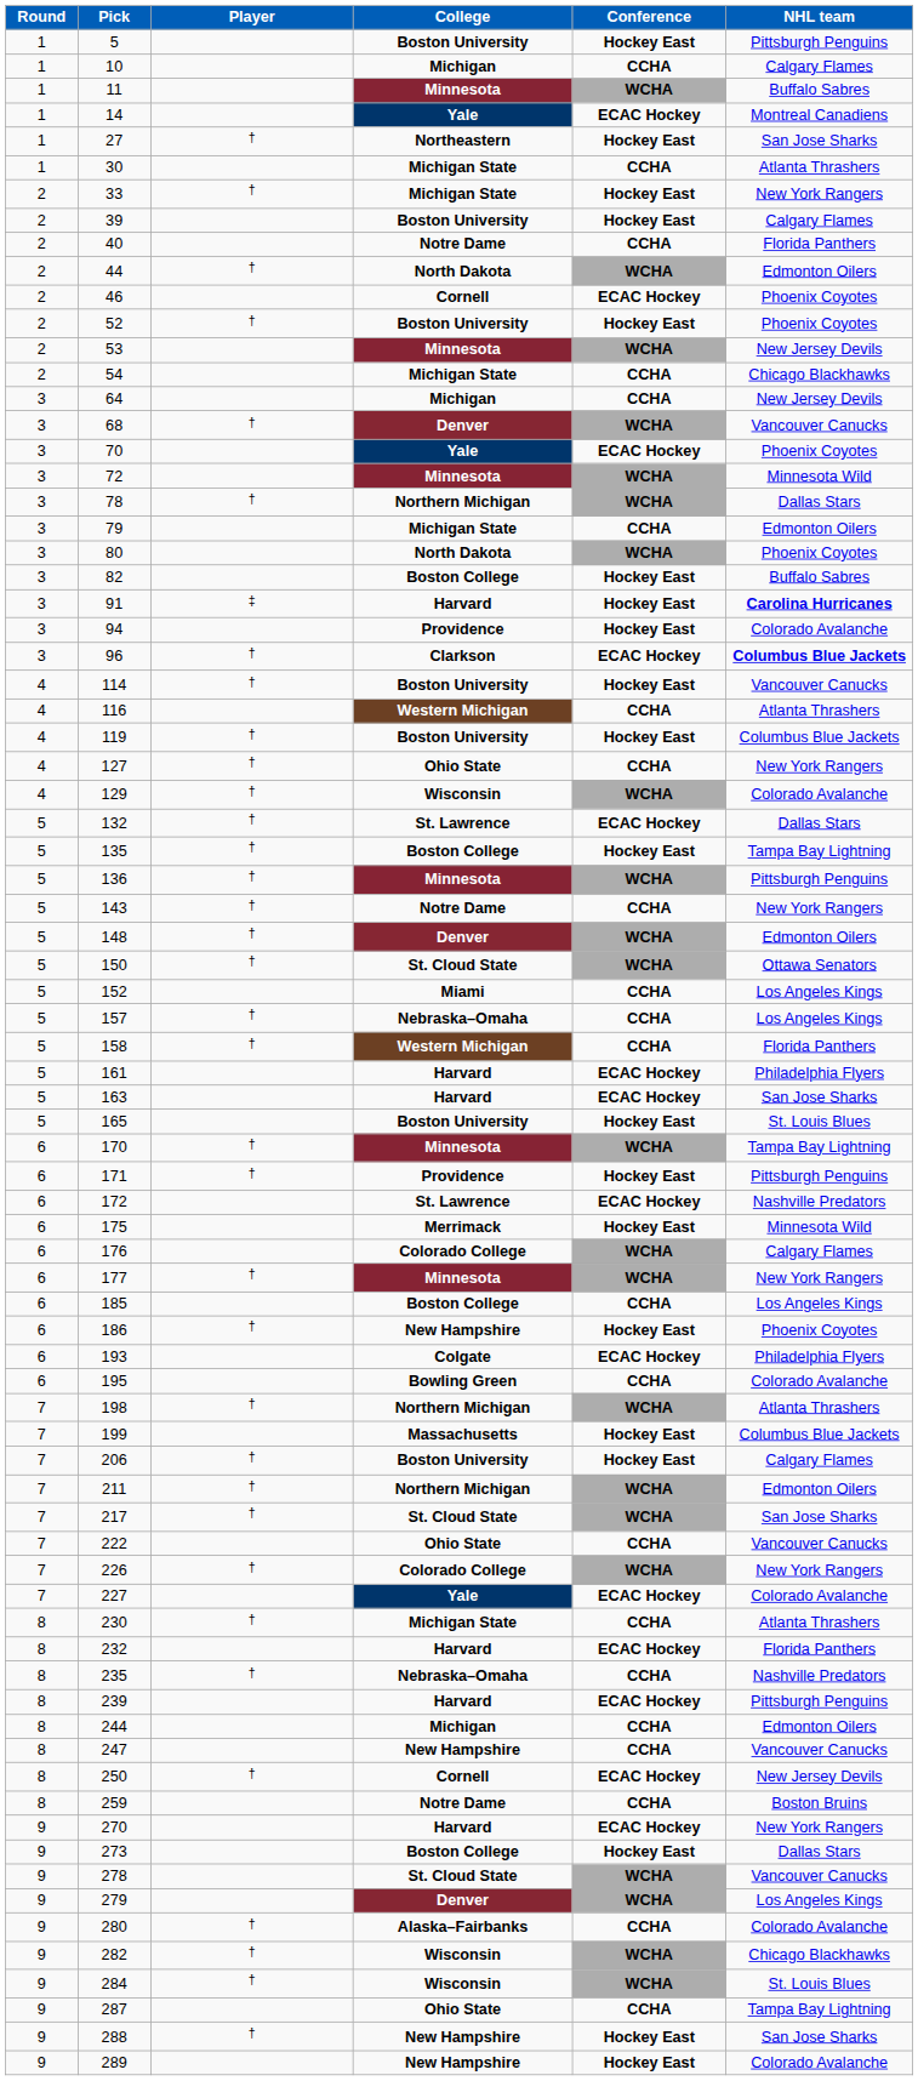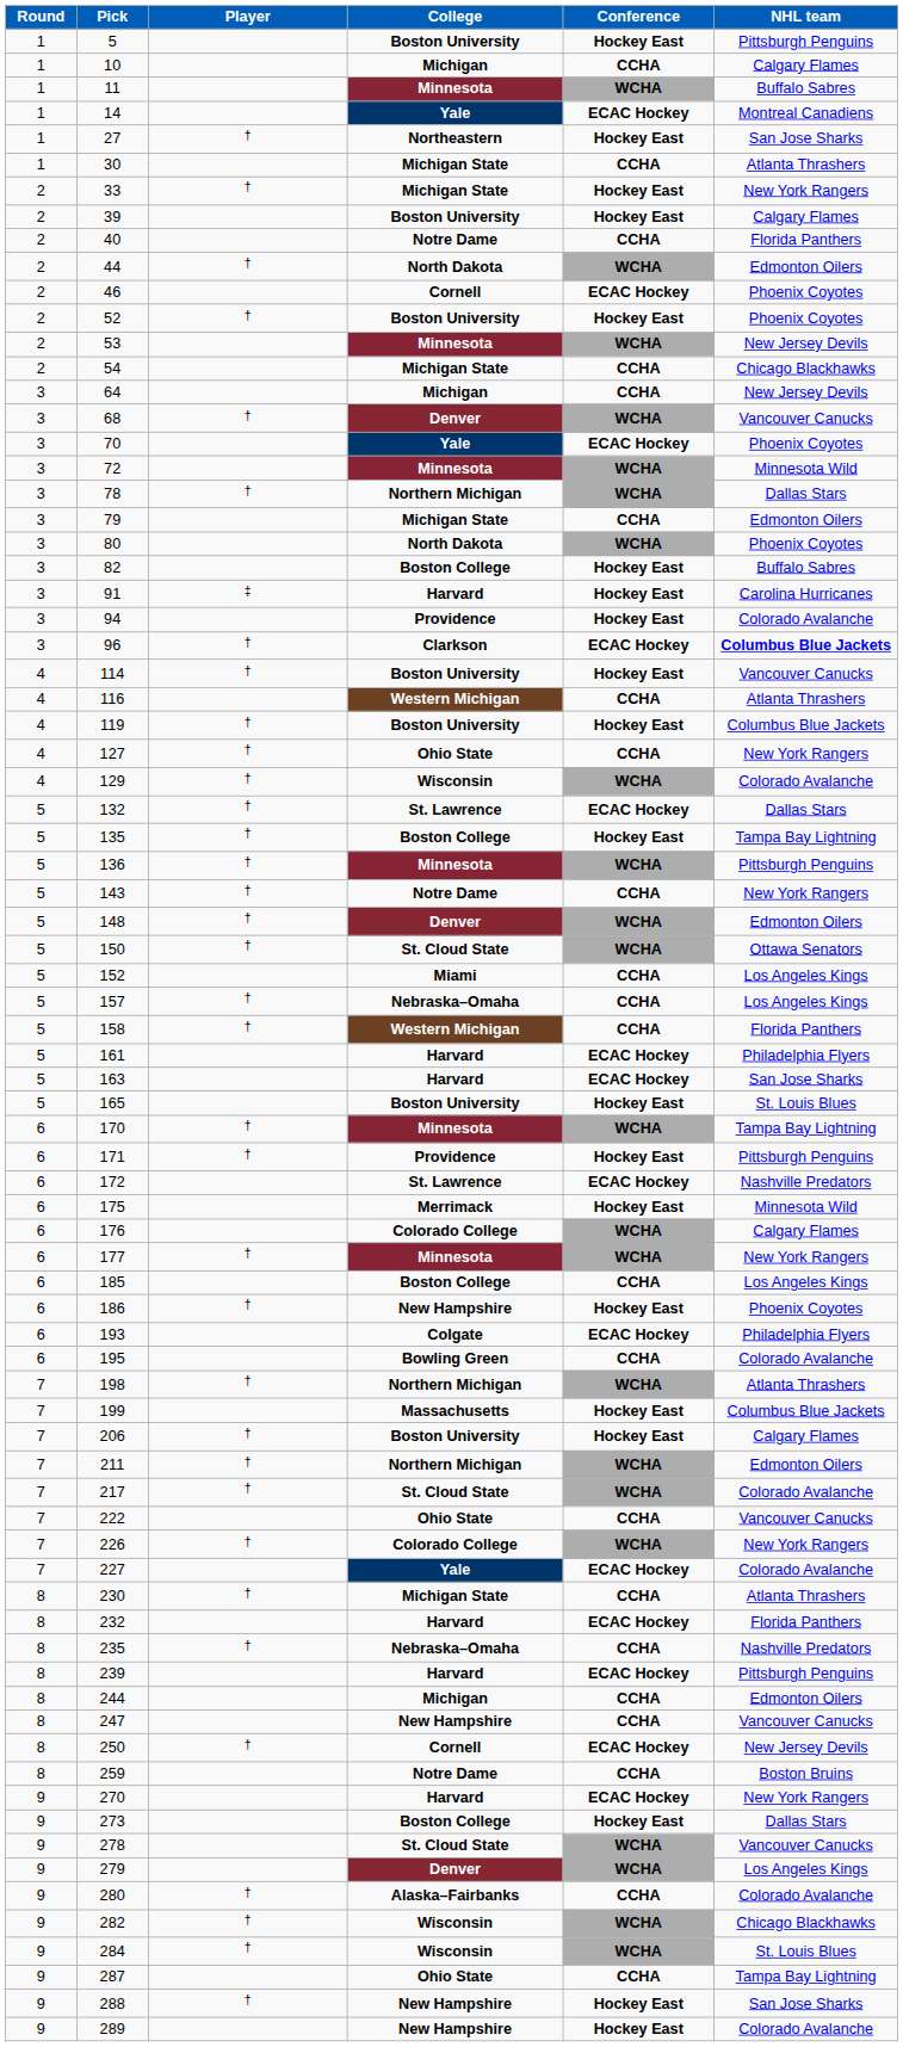 <table class="wikitable sortable" width="75%">
 <tr>
 <th style="color:white; background-color:#005EB8; width: 4em;">Round</th>
 <th style="color:white; background-color:#005EB8; width: 4em;">Pick</th>
 <th style="color:white; background-color:#005EB8; width: 12em;">Player</th>
 <th style="color:white; background-color:#005EB8; width: 13em;">College</th>
 <th style="color:white; background-color:#005EB8; width: 9em;">Conference</th>
 <th style="color:white; background-color:#005EB8; width: 11em;">NHL team</th>
 </tr>
 <tr align="center" bgcolor="">
 <td>1</td>
 <td>5</td>
 <td></td>
 <td><strong>Boston University</strong></td>
 <td><strong>Hockey East</strong></td>
 <td><a href='#'>Pittsburgh Penguins</a></td>
 </tr>
 <tr align="center" bgcolor="">
 <td>1</td>
 <td>10</td>
 <td></td>
 <td><strong>Michigan</strong></td>
 <td><strong>CCHA</strong></td>
 <td><a href='#'>Calgary Flames</a></td>
 </tr>
 <tr align="center" bgcolor="">
 <td>1</td>
 <td>11</td>
 <td></td>
 <td style="color:white; background:#862334; "><strong>Minnesota</strong></td>
 <td style="color:black; background:#ADADAD; "><strong>WCHA</strong></td>
 <td><a href='#'>Buffalo Sabres</a></td>
 </tr>
 <tr align="center" bgcolor="">
 <td>1</td>
 <td>14</td>
 <td></td>
 <td style="color:white; background:#00356B"><strong>Yale</strong></td>
 <td><strong>ECAC Hockey</strong></td>
 <td><a href='#'>Montreal Canadiens</a></td>
 </tr>
 <tr align="center" bgcolor="">
 <td>1</td>
 <td>27</td>
 <td> <sup>†</sup></td>
 <td><strong>Northeastern</strong></td>
 <td><strong>Hockey East</strong></td>
 <td><a href='#'>San Jose Sharks</a></td>
 </tr>
 <tr align="center" bgcolor="">
 <td>1</td>
 <td>30</td>
 <td></td>
 <td><strong>Michigan State</strong></td>
 <td><strong>CCHA</strong></td>
 <td><a href='#'>Atlanta Thrashers</a></td>
 </tr>
 <tr align="center" bgcolor="">
 <td>2</td>
 <td>33</td>
 <td> <sup>†</sup></td>
 <td><strong>Michigan State</strong></td>
 <td><strong>Hockey East</strong></td>
 <td><a href='#'>New York Rangers</a></td>
 </tr>
 <tr align="center" bgcolor="">
 <td>2</td>
 <td>39</td>
 <td></td>
 <td><strong>Boston University</strong></td>
 <td><strong>Hockey East</strong></td>
 <td><a href='#'>Calgary Flames</a></td>
 </tr>
 <tr align="center" bgcolor="">
 <td>2</td>
 <td>40</td>
 <td></td>
 <td><strong>Notre Dame</strong></td>
 <td><strong>CCHA</strong></td>
 <td><a href='#'>Florida Panthers</a></td>
 </tr>
 <tr align="center" bgcolor="">
 <td>2</td>
 <td>44</td>
 <td> <sup>†</sup></td>
 <td><strong>North Dakota</strong></td>
 <td style="color:black; background:#ADADAD; "><strong>WCHA</strong></td>
 <td><a href='#'>Edmonton Oilers</a></td>
 </tr>
 <tr align="center" bgcolor="">
 <td>2</td>
 <td>46</td>
 <td></td>
 <td><strong>Cornell</strong></td>
 <td><strong>ECAC Hockey</strong></td>
 <td><a href='#'>Phoenix Coyotes</a></td>
 </tr>
 <tr align="center" bgcolor="">
 <td>2</td>
 <td>52</td>
 <td> <sup>†</sup></td>
 <td><strong>Boston University</strong></td>
 <td><strong>Hockey East</strong></td>
 <td><a href='#'>Phoenix Coyotes</a></td>
 </tr>
 <tr align="center" bgcolor="">
 <td>2</td>
 <td>53</td>
 <td></td>
 <td style="color:white; background:#862334; "><strong>Minnesota</strong></td>
 <td style="color:black; background:#ADADAD; "><strong>WCHA</strong></td>
 <td><a href='#'>New Jersey Devils</a></td>
 </tr>
 <tr align="center" bgcolor="">
 <td>2</td>
 <td>54</td>
 <td></td>
 <td><strong>Michigan State</strong></td>
 <td><strong>CCHA</strong></td>
 <td><a href='#'>Chicago Blackhawks</a></td>
 </tr>
 <tr align="center" bgcolor="">
 <td>3</td>
 <td>64</td>
 <td></td>
 <td><strong>Michigan</strong></td>
 <td><strong>CCHA</strong></td>
 <td><a href='#'>New Jersey Devils</a></td>
 </tr>
 <tr align="center" bgcolor="">
 <td>3</td>
 <td>68</td>
 <td> <sup>†</sup></td>
 <td style="color:white; background:#862633; "><strong>Denver</strong></td>
 <td style="color:black; background:#ADADAD; "><strong>WCHA</strong></td>
 <td><a href='#'>Vancouver Canucks</a></td>
 </tr>
 <tr align="center" bgcolor="">
 <td>3</td>
 <td>70</td>
 <td></td>
 <td style="color:white; background:#00356B"><strong>Yale</strong></td>
 <td><strong>ECAC Hockey</strong></td>
 <td><a href='#'>Phoenix Coyotes</a></td>
 </tr>
 <tr align="center" bgcolor="">
 <td>3</td>
 <td>72</td>
 <td></td>
 <td style="color:white; background:#862334; "><strong>Minnesota</strong></td>
 <td style="color:black; background:#ADADAD; "><strong>WCHA</strong></td>
 <td><a href='#'>Minnesota Wild</a></td>
 </tr>
 <tr align="center" bgcolor="">
 <td>3</td>
 <td>78</td>
 <td> <sup>†</sup></td>
 <td><strong>Northern Michigan</strong></td>
 <td style="color:black; background:#ADADAD; "><strong>WCHA</strong></td>
 <td><a href='#'>Dallas Stars</a></td>
 </tr>
 <tr align="center" bgcolor="">
 <td>3</td>
 <td>79</td>
 <td></td>
 <td><strong>Michigan State</strong></td>
 <td><strong>CCHA</strong></td>
 <td><a href='#'>Edmonton Oilers</a></td>
 </tr>
 <tr align="center" bgcolor="">
 <td>3</td>
 <td>80</td>
 <td></td>
 <td><strong>North Dakota</strong></td>
 <td style="color:black; background:#ADADAD; "><strong>WCHA</strong></td>
 <td><a href='#'>Phoenix Coyotes</a></td>
 </tr>
 <tr align="center" bgcolor="">
 <td>3</td>
 <td>82</td>
 <td></td>
 <td><strong>Boston College</strong></td>
 <td><strong>Hockey East</strong></td>
 <td><a href='#'>Buffalo Sabres</a></td>
 </tr>
 <tr align="center" bgcolor="">
 <td>3</td>
 <td>91</td>
 <td> <sup>‡</sup></td>
 <td><strong>Harvard</strong></td>
 <td><strong>Hockey East</strong></td>
-<td><strong><a href='#'>Carolina Hurricanes</a></strong></td>
+<td><a href='#'>Carolina Hurricanes</a></td>
 </tr>
 <tr align="center" bgcolor="">
 <td>3</td>
 <td>94</td>
 <td></td>
 <td><strong>Providence</strong></td>
 <td><strong>Hockey East</strong></td>
 <td><a href='#'>Colorado Avalanche</a></td>
 </tr>
 <tr align="center" bgcolor="">
 <td>3</td>
 <td>96</td>
 <td> <sup>†</sup></td>
 <td><strong>Clarkson</strong></td>
 <td><strong>ECAC Hockey</strong></td>
 <td><strong><a href='#'>Columbus Blue Jackets</a></strong></td>
 </tr>
 <tr align="center" bgcolor="">
 <td>4</td>
 <td>114</td>
 <td> <sup>†</sup></td>
 <td><strong>Boston University</strong></td>
 <td><strong>Hockey East</strong></td>
 <td><a href='#'>Vancouver Canucks</a></td>
 </tr>
 <tr align="center" bgcolor="">
 <td>4</td>
 <td>116</td>
 <td></td>
 <td style="color:white; background:#6C4023; "><strong>Western Michigan</strong></td>
 <td><strong>CCHA</strong></td>
 <td><a href='#'>Atlanta Thrashers</a></td>
 </tr>
 <tr align="center" bgcolor="">
 <td>4</td>
 <td>119</td>
 <td> <sup>†</sup></td>
 <td><strong>Boston University</strong></td>
 <td><strong>Hockey East</strong></td>
 <td><a href='#'>Columbus Blue Jackets</a></td>
 </tr>
 <tr align="center" bgcolor="">
 <td>4</td>
 <td>127</td>
 <td> <sup>†</sup></td>
 <td><strong>Ohio State</strong></td>
 <td><strong>CCHA</strong></td>
 <td><a href='#'>New York Rangers</a></td>
 </tr>
 <tr align="center" bgcolor="">
 <td>4</td>
 <td>129</td>
 <td> <sup>†</sup></td>
 <td><strong>Wisconsin</strong></td>
 <td style="color:black; background:#ADADAD; "><strong>WCHA</strong></td>
 <td><a href='#'>Colorado Avalanche</a></td>
 </tr>
 <tr align="center" bgcolor="">
 <td>5</td>
 <td>132</td>
 <td> <sup>†</sup></td>
 <td><strong>St. Lawrence</strong></td>
 <td><strong>ECAC Hockey</strong></td>
 <td><a href='#'>Dallas Stars</a></td>
 </tr>
 <tr align="center" bgcolor="">
 <td>5</td>
 <td>135</td>
 <td> <sup>†</sup></td>
 <td><strong>Boston College</strong></td>
 <td><strong>Hockey East</strong></td>
 <td><a href='#'>Tampa Bay Lightning</a></td>
 </tr>
 <tr align="center" bgcolor="">
 <td>5</td>
 <td>136</td>
 <td> <sup>†</sup></td>
 <td style="color:white; background:#862334; "><strong>Minnesota</strong></td>
 <td style="color:black; background:#ADADAD; "><strong>WCHA</strong></td>
 <td><a href='#'>Pittsburgh Penguins</a></td>
 </tr>
 <tr align="center" bgcolor="">
 <td>5</td>
 <td>143</td>
 <td> <sup>†</sup></td>
 <td><strong>Notre Dame</strong></td>
 <td><strong>CCHA</strong></td>
 <td><a href='#'>New York Rangers</a></td>
 </tr>
 <tr align="center" bgcolor="">
 <td>5</td>
 <td>148</td>
 <td> <sup>†</sup></td>
 <td style="color:white; background:#862633; "><strong>Denver</strong></td>
 <td style="color:black; background:#ADADAD; "><strong>WCHA</strong></td>
 <td><a href='#'>Edmonton Oilers</a></td>
 </tr>
 <tr align="center" bgcolor="">
 <td>5</td>
 <td>150</td>
 <td> <sup>†</sup></td>
 <td><strong>St. Cloud State</strong></td>
 <td style="color:black; background:#ADADAD; "><strong>WCHA</strong></td>
 <td><a href='#'>Ottawa Senators</a></td>
 </tr>
 <tr align="center" bgcolor="">
 <td>5</td>
 <td>152</td>
 <td></td>
 <td><strong>Miami</strong></td>
 <td><strong>CCHA</strong></td>
 <td><a href='#'>Los Angeles Kings</a></td>
 </tr>
 <tr align="center" bgcolor="">
 <td>5</td>
 <td>157</td>
 <td> <sup>†</sup></td>
 <td><strong>Nebraska–Omaha</strong></td>
 <td><strong>CCHA</strong></td>
 <td><a href='#'>Los Angeles Kings</a></td>
 </tr>
 <tr align="center" bgcolor="">
 <td>5</td>
 <td>158</td>
 <td> <sup>†</sup></td>
 <td style="color:white; background:#6C4023; "><strong>Western Michigan</strong></td>
 <td><strong>CCHA</strong></td>
 <td><a href='#'>Florida Panthers</a></td>
 </tr>
 <tr align="center" bgcolor="">
 <td>5</td>
 <td>161</td>
 <td></td>
 <td><strong>Harvard</strong></td>
 <td><strong>ECAC Hockey</strong></td>
 <td><a href='#'>Philadelphia Flyers</a></td>
 </tr>
 <tr align="center" bgcolor="">
 <td>5</td>
 <td>163</td>
 <td></td>
 <td><strong>Harvard</strong></td>
 <td><strong>ECAC Hockey</strong></td>
 <td><a href='#'>San Jose Sharks</a></td>
 </tr>
 <tr align="center" bgcolor="">
 <td>5</td>
 <td>165</td>
 <td></td>
 <td><strong>Boston University</strong></td>
 <td><strong>Hockey East</strong></td>
 <td><a href='#'>St. Louis Blues</a></td>
 </tr>
 <tr align="center" bgcolor="">
 <td>6</td>
 <td>170</td>
 <td> <sup>†</sup></td>
 <td style="color:white; background:#862334; "><strong>Minnesota</strong></td>
 <td style="color:black; background:#ADADAD; "><strong>WCHA</strong></td>
 <td><a href='#'>Tampa Bay Lightning</a></td>
 </tr>
 <tr align="center" bgcolor="">
 <td>6</td>
 <td>171</td>
 <td> <sup>†</sup></td>
 <td><strong>Providence</strong></td>
 <td><strong>Hockey East</strong></td>
 <td><a href='#'>Pittsburgh Penguins</a></td>
 </tr>
 <tr align="center" bgcolor="">
 <td>6</td>
 <td>172</td>
 <td></td>
 <td><strong>St. Lawrence</strong></td>
 <td><strong>ECAC Hockey</strong></td>
 <td><a href='#'>Nashville Predators</a></td>
 </tr>
 <tr align="center" bgcolor="">
 <td>6</td>
 <td>175</td>
 <td></td>
 <td><strong>Merrimack</strong></td>
 <td><strong>Hockey East</strong></td>
 <td><a href='#'>Minnesota Wild</a></td>
 </tr>
 <tr align="center" bgcolor="">
 <td>6</td>
 <td>176</td>
 <td></td>
 <td><strong>Colorado College</strong></td>
 <td style="color:black; background:#ADADAD; "><strong>WCHA</strong></td>
 <td><a href='#'>Calgary Flames</a></td>
 </tr>
 <tr align="center" bgcolor="">
 <td>6</td>
 <td>177</td>
 <td> <sup>†</sup></td>
 <td style="color:white; background:#862334; "><strong>Minnesota</strong></td>
 <td style="color:black; background:#ADADAD; "><strong>WCHA</strong></td>
 <td><a href='#'>New York Rangers</a></td>
 </tr>
 <tr align="center" bgcolor="">
 <td>6</td>
 <td>185</td>
 <td></td>
 <td><strong>Boston College</strong></td>
 <td><strong>CCHA</strong></td>
 <td><a href='#'>Los Angeles Kings</a></td>
 </tr>
 <tr align="center" bgcolor="">
 <td>6</td>
 <td>186</td>
 <td> <sup>†</sup></td>
 <td><strong>New Hampshire</strong></td>
 <td><strong>Hockey East</strong></td>
 <td><a href='#'>Phoenix Coyotes</a></td>
 </tr>
 <tr align="center" bgcolor="">
 <td>6</td>
 <td>193</td>
 <td></td>
 <td><strong>Colgate</strong></td>
 <td><strong>ECAC Hockey</strong></td>
 <td><a href='#'>Philadelphia Flyers</a></td>
 </tr>
 <tr align="center" bgcolor="">
 <td>6</td>
 <td>195</td>
 <td></td>
 <td><strong>Bowling Green</strong></td>
 <td><strong>CCHA</strong></td>
 <td><a href='#'>Colorado Avalanche</a></td>
 </tr>
 <tr align="center" bgcolor="">
 <td>7</td>
 <td>198</td>
 <td> <sup>†</sup></td>
 <td><strong>Northern Michigan</strong></td>
 <td style="color:black; background:#ADADAD; "><strong>WCHA</strong></td>
 <td><a href='#'>Atlanta Thrashers</a></td>
 </tr>
 <tr align="center" bgcolor="">
 <td>7</td>
 <td>199</td>
 <td></td>
 <td><strong>Massachusetts</strong></td>
 <td><strong>Hockey East</strong></td>
 <td><a href='#'>Columbus Blue Jackets</a></td>
 </tr>
 <tr align="center" bgcolor="">
 <td>7</td>
 <td>206</td>
 <td> <sup>†</sup></td>
 <td><strong>Boston University</strong></td>
 <td><strong>Hockey East</strong></td>
 <td><a href='#'>Calgary Flames</a></td>
 </tr>
 <tr align="center" bgcolor="">
 <td>7</td>
 <td>211</td>
 <td> <sup>†</sup></td>
 <td><strong>Northern Michigan</strong></td>
 <td style="color:black; background:#ADADAD; "><strong>WCHA</strong></td>
 <td><a href='#'>Edmonton Oilers</a></td>
 </tr>
 <tr align="center" bgcolor="">
 <td>7</td>
 <td>217</td>
 <td> <sup>†</sup></td>
 <td><strong>St. Cloud State</strong></td>
 <td style="color:black; background:#ADADAD; "><strong>WCHA</strong></td>
-<td><a href='#'>San Jose Sharks</a></td>
+<td><a href='#'>Colorado Avalanche</a></td>
 </tr>
 <tr align="center" bgcolor="">
 <td>7</td>
 <td>222</td>
 <td></td>
 <td><strong>Ohio State</strong></td>
 <td><strong>CCHA</strong></td>
 <td><a href='#'>Vancouver Canucks</a></td>
 </tr>
 <tr align="center" bgcolor="">
 <td>7</td>
 <td>226</td>
 <td> <sup>†</sup></td>
 <td><strong>Colorado College</strong></td>
 <td style="color:black; background:#ADADAD; "><strong>WCHA</strong></td>
 <td><a href='#'>New York Rangers</a></td>
 </tr>
 <tr align="center" bgcolor="">
 <td>7</td>
 <td>227</td>
 <td></td>
 <td style="color:white; background:#00356B"><strong>Yale</strong></td>
 <td><strong>ECAC Hockey</strong></td>
 <td><a href='#'>Colorado Avalanche</a></td>
 </tr>
 <tr align="center" bgcolor="">
 <td>8</td>
 <td>230</td>
 <td> <sup>†</sup></td>
 <td><strong>Michigan State</strong></td>
 <td><strong>CCHA</strong></td>
 <td><a href='#'>Atlanta Thrashers</a></td>
 </tr>
 <tr align="center" bgcolor="">
 <td>8</td>
 <td>232</td>
 <td></td>
 <td><strong>Harvard</strong></td>
 <td><strong>ECAC Hockey</strong></td>
 <td><a href='#'>Florida Panthers</a></td>
 </tr>
 <tr align="center" bgcolor="">
 <td>8</td>
 <td>235</td>
 <td> <sup>†</sup></td>
 <td><strong>Nebraska–Omaha</strong></td>
 <td><strong>CCHA</strong></td>
 <td><a href='#'>Nashville Predators</a></td>
 </tr>
 <tr align="center" bgcolor="">
 <td>8</td>
 <td>239</td>
 <td></td>
 <td><strong>Harvard</strong></td>
 <td><strong>ECAC Hockey</strong></td>
 <td><a href='#'>Pittsburgh Penguins</a></td>
 </tr>
 <tr align="center" bgcolor="">
 <td>8</td>
 <td>244</td>
 <td></td>
 <td><strong>Michigan</strong></td>
 <td><strong>CCHA</strong></td>
 <td><a href='#'>Edmonton Oilers</a></td>
 </tr>
 <tr align="center" bgcolor="">
 <td>8</td>
 <td>247</td>
 <td></td>
 <td><strong>New Hampshire</strong></td>
 <td><strong>CCHA</strong></td>
 <td><a href='#'>Vancouver Canucks</a></td>
 </tr>
 <tr align="center" bgcolor="">
 <td>8</td>
 <td>250</td>
 <td> <sup>†</sup></td>
 <td><strong>Cornell</strong></td>
 <td><strong>ECAC Hockey</strong></td>
 <td><a href='#'>New Jersey Devils</a></td>
 </tr>
 <tr align="center" bgcolor="">
 <td>8</td>
 <td>259</td>
 <td></td>
 <td><strong>Notre Dame</strong></td>
 <td><strong>CCHA</strong></td>
 <td><a href='#'>Boston Bruins</a></td>
 </tr>
 <tr align="center" bgcolor="">
 <td>9</td>
 <td>270</td>
 <td></td>
 <td><strong>Harvard</strong></td>
 <td><strong>ECAC Hockey</strong></td>
 <td><a href='#'>New York Rangers</a></td>
 </tr>
 <tr align="center" bgcolor="">
 <td>9</td>
 <td>273</td>
 <td></td>
 <td><strong>Boston College</strong></td>
 <td><strong>Hockey East</strong></td>
 <td><a href='#'>Dallas Stars</a></td>
 </tr>
 <tr align="center" bgcolor="">
 <td>9</td>
 <td>278</td>
 <td></td>
 <td><strong>St. Cloud State</strong></td>
 <td style="color:black; background:#ADADAD; "><strong>WCHA</strong></td>
 <td><a href='#'>Vancouver Canucks</a></td>
 </tr>
 <tr align="center" bgcolor="">
 <td>9</td>
 <td>279</td>
 <td></td>
 <td style="color:white; background:#862633; "><strong>Denver</strong></td>
 <td style="color:black; background:#ADADAD; "><strong>WCHA</strong></td>
 <td><a href='#'>Los Angeles Kings</a></td>
 </tr>
 <tr align="center" bgcolor="">
 <td>9</td>
 <td>280</td>
 <td> <sup>†</sup></td>
 <td><strong>Alaska–Fairbanks</strong></td>
 <td><strong>CCHA</strong></td>
 <td><a href='#'>Colorado Avalanche</a></td>
 </tr>
 <tr align="center" bgcolor="">
 <td>9</td>
 <td>282</td>
 <td> <sup>†</sup></td>
 <td><strong>Wisconsin</strong></td>
 <td style="color:black; background:#ADADAD; "><strong>WCHA</strong></td>
 <td><a href='#'>Chicago Blackhawks</a></td>
 </tr>
 <tr align="center" bgcolor="">
 <td>9</td>
 <td>284</td>
 <td> <sup>†</sup></td>
 <td><strong>Wisconsin</strong></td>
 <td style="color:black; background:#ADADAD; "><strong>WCHA</strong></td>
 <td><a href='#'>St. Louis Blues</a></td>
 </tr>
 <tr align="center" bgcolor="">
 <td>9</td>
 <td>287</td>
 <td></td>
 <td><strong>Ohio State</strong></td>
 <td><strong>CCHA</strong></td>
 <td><a href='#'>Tampa Bay Lightning</a></td>
 </tr>
 <tr align="center" bgcolor="">
 <td>9</td>
 <td>288</td>
 <td> <sup>†</sup></td>
 <td><strong>New Hampshire</strong></td>
 <td><strong>Hockey East</strong></td>
 <td><a href='#'>San Jose Sharks</a></td>
 </tr>
 <tr align="center" bgcolor="">
 <td>9</td>
 <td>289</td>
 <td></td>
 <td><strong>New Hampshire</strong></td>
 <td><strong>Hockey East</strong></td>
 <td><a href='#'>Colorado Avalanche</a></td>
 </tr>
 </table>
